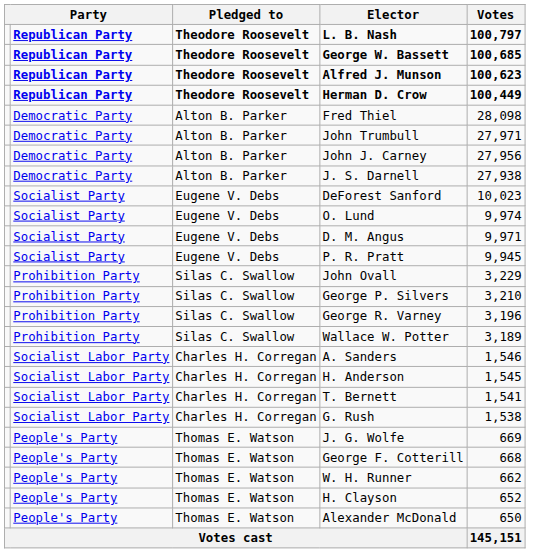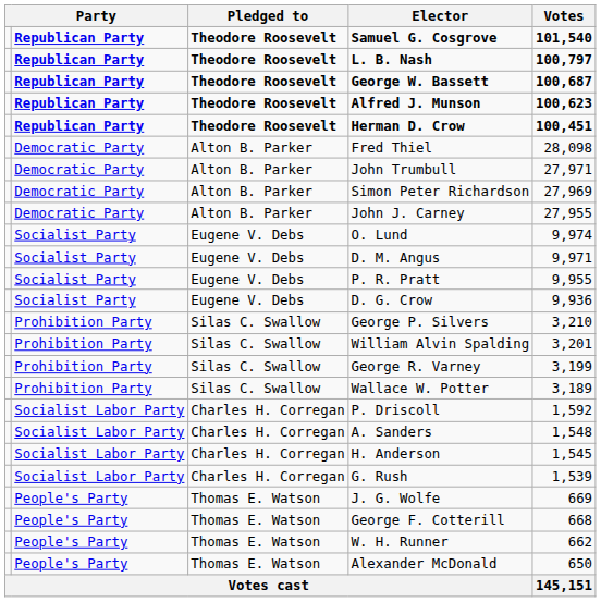 <table class="wikitable">
 <tr>
 <th colspan=2>Party</th>
 <th>Pledged to</th>
 <th>Elector</th>
 <th>Votes</th>
+</tr>
+<tr style="font-weight:bold">
+<td></td>
+<td><a href='#'>Republican Party</a></td>
+<td>Theodore Roosevelt</td>
+<td>Samuel G. Cosgrove</td>
+<td align="right">101,540</td>
 </tr>
 <tr style="font-weight:bold">
 <td></td>
 <td><a href='#'>Republican Party</a></td>
 <td>Theodore Roosevelt</td>
 <td>L. B. Nash</td>
 <td align="right">100,797</td>
 </tr>
 <tr style="font-weight:bold">
 <td></td>
 <td><a href='#'>Republican Party</a></td>
 <td>Theodore Roosevelt</td>
 <td>George W. Bassett</td>
-<td align="right">100,685</td>
+<td align="right">100,687</td>
 </tr>
 <tr style="font-weight:bold">
 <td></td>
 <td><a href='#'>Republican Party</a></td>
 <td>Theodore Roosevelt</td>
 <td>Alfred J. Munson</td>
 <td align="right">100,623</td>
 </tr>
 <tr style="font-weight:bold">
 <td></td>
 <td><a href='#'>Republican Party</a></td>
 <td>Theodore Roosevelt</td>
 <td>Herman D. Crow</td>
-<td align="right">100,449</td>
+<td align="right">100,451</td>
 </tr>
 <tr>
 <td></td>
 <td><a href='#'>Democratic Party</a></td>
 <td>Alton B. Parker</td>
 <td>Fred Thiel</td>
 <td align="right">28,098</td>
 </tr>
 <tr>
 <td></td>
 <td><a href='#'>Democratic Party</a></td>
 <td>Alton B. Parker</td>
 <td>John Trumbull</td>
 <td align="right">27,971</td>
 </tr>
 <tr>
 <td></td>
 <td><a href='#'>Democratic Party</a></td>
 <td>Alton B. Parker</td>
-<td>John J. Carney</td>
-<td align="right">27,956</td>
+<td>Simon Peter Richardson</td>
+<td align="right">27,969</td>
 </tr>
 <tr>
 <td></td>
 <td><a href='#'>Democratic Party</a></td>
 <td>Alton B. Parker</td>
-<td>J. S. Darnell</td>
-<td align="right">27,938</td>
-</tr>
-<tr>
-<td></td>
-<td><a href='#'>Socialist Party</a></td>
-<td>Eugene V. Debs</td>
-<td>DeForest Sanford</td>
-<td align="right">10,023</td>
+<td>John J. Carney</td>
+<td align="right">27,955</td>
 </tr>
 <tr>
 <td></td>
 <td><a href='#'>Socialist Party</a></td>
 <td>Eugene V. Debs</td>
 <td>O. Lund</td>
 <td align="right">9,974</td>
 </tr>
 <tr>
 <td></td>
 <td><a href='#'>Socialist Party</a></td>
 <td>Eugene V. Debs</td>
 <td>D. M. Angus</td>
 <td align="right">9,971</td>
 </tr>
 <tr>
 <td></td>
 <td><a href='#'>Socialist Party</a></td>
 <td>Eugene V. Debs</td>
 <td>P. R. Pratt</td>
-<td align="right">9,945</td>
+<td align="right">9,955</td>
 </tr>
 <tr>
 <td></td>
-<td><a href='#'>Prohibition Party</a></td>
-<td>Silas C. Swallow</td>
-<td>John Ovall</td>
-<td align="right">3,229</td>
+<td><a href='#'>Socialist Party</a></td>
+<td>Eugene V. Debs</td>
+<td>D. G. Crow</td>
+<td align="right">9,936</td>
 </tr>
 <tr>
 <td></td>
 <td><a href='#'>Prohibition Party</a></td>
 <td>Silas C. Swallow</td>
 <td>George P. Silvers</td>
 <td align="right">3,210</td>
 </tr>
 <tr>
 <td></td>
 <td><a href='#'>Prohibition Party</a></td>
 <td>Silas C. Swallow</td>
+<td>William Alvin Spalding</td>
+<td align="right">3,201</td>
+</tr>
+<tr>
+<td></td>
+<td><a href='#'>Prohibition Party</a></td>
+<td>Silas C. Swallow</td>
 <td>George R. Varney</td>
-<td align="right">3,196</td>
+<td align="right">3,199</td>
 </tr>
 <tr>
 <td></td>
 <td><a href='#'>Prohibition Party</a></td>
 <td>Silas C. Swallow</td>
 <td>Wallace W. Potter</td>
 <td align="right">3,189</td>
 </tr>
 <tr>
 <td></td>
 <td><a href='#'>Socialist Labor Party</a></td>
 <td>Charles H. Corregan</td>
+<td>P. Driscoll</td>
+<td align="right">1,592</td>
+</tr>
+<tr>
+<td></td>
+<td><a href='#'>Socialist Labor Party</a></td>
+<td>Charles H. Corregan</td>
 <td>A. Sanders</td>
-<td align="right">1,546</td>
+<td align="right">1,548</td>
 </tr>
 <tr>
 <td></td>
 <td><a href='#'>Socialist Labor Party</a></td>
 <td>Charles H. Corregan</td>
 <td>H. Anderson</td>
 <td align="right">1,545</td>
 </tr>
 <tr>
 <td></td>
 <td><a href='#'>Socialist Labor Party</a></td>
 <td>Charles H. Corregan</td>
-<td>T. Bernett</td>
-<td align="right">1,541</td>
-</tr>
-<tr>
-<td></td>
-<td><a href='#'>Socialist Labor Party</a></td>
-<td>Charles H. Corregan</td>
 <td>G. Rush</td>
-<td align="right">1,538</td>
+<td align="right">1,539</td>
 </tr>
 <tr>
 <td></td>
 <td><a href='#'>People's Party</a></td>
 <td>Thomas E. Watson</td>
 <td>J. G. Wolfe</td>
 <td align="right">669</td>
 </tr>
 <tr>
 <td></td>
 <td><a href='#'>People's Party</a></td>
 <td>Thomas E. Watson</td>
 <td>George F. Cotterill</td>
 <td align="right">668</td>
 </tr>
 <tr>
 <td></td>
 <td><a href='#'>People's Party</a></td>
 <td>Thomas E. Watson</td>
 <td>W. H. Runner</td>
 <td align="right">662</td>
 </tr>
 <tr>
 <td></td>
 <td><a href='#'>People's Party</a></td>
 <td>Thomas E. Watson</td>
-<td>H. Clayson</td>
-<td align="right">652</td>
-</tr>
-<tr>
-<td></td>
-<td><a href='#'>People's Party</a></td>
-<td>Thomas E. Watson</td>
 <td>Alexander McDonald</td>
 <td align="right">650</td>
 </tr>
 <tr>
 <th colspan="4">Votes cast</th>
 <th>145,151</th>
 </tr>
 </table>
